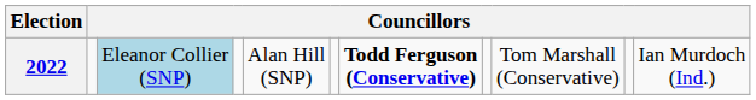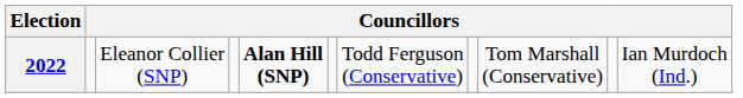 <table class="wikitable" style="text-align:center">
 <tr>
 <th>Election</th>
 <th colspan=10>Councillors</th>
 </tr>
 <tr>
 <th><a href='#'>2022</a></th>
 <td style="background-color: "></td>
-<td style="background: lightblue;">Eleanor Collier<br>(<a href='#'>SNP</a>)</td>
+<td>Eleanor Collier<br>(<a href='#'>SNP</a>)</td>
 <td style="background-color: "></td>
-<td>Alan Hill<br>(SNP)</td>
+<td><strong>Alan Hill<br>(SNP)</strong></td>
 <td style="background-color: "></td>
-<td><strong>Todd Ferguson<br>(<a href='#'>Conservative</a>)</strong></td>
+<td>Todd Ferguson<br>(<a href='#'>Conservative</a>)</td>
 <td style="background-color: "></td>
 <td>Tom Marshall<br>(Conservative)</td>
 <td style="background-color: "></td>
 <td>Ian Murdoch<br>(<a href='#'>Ind</a>.)</td>
 </tr>
 </table>
